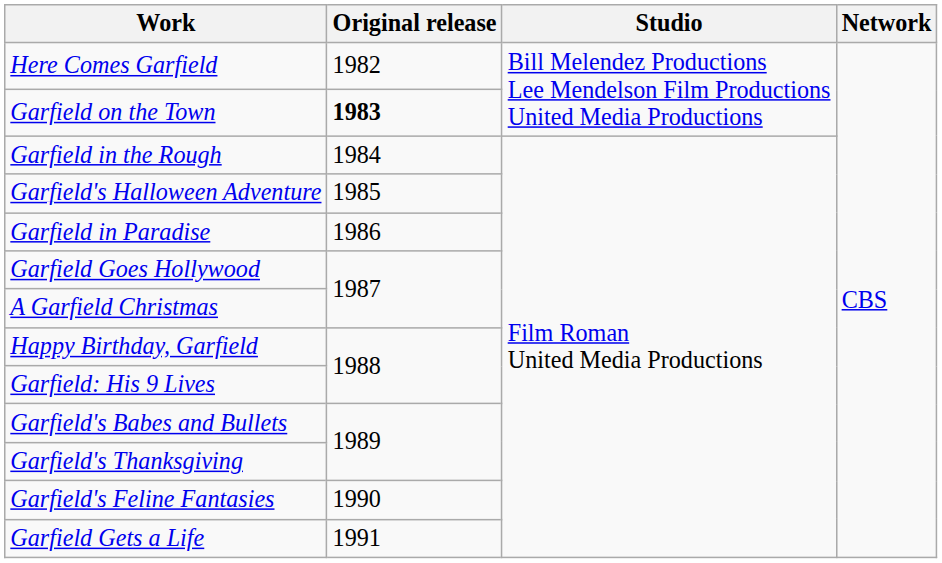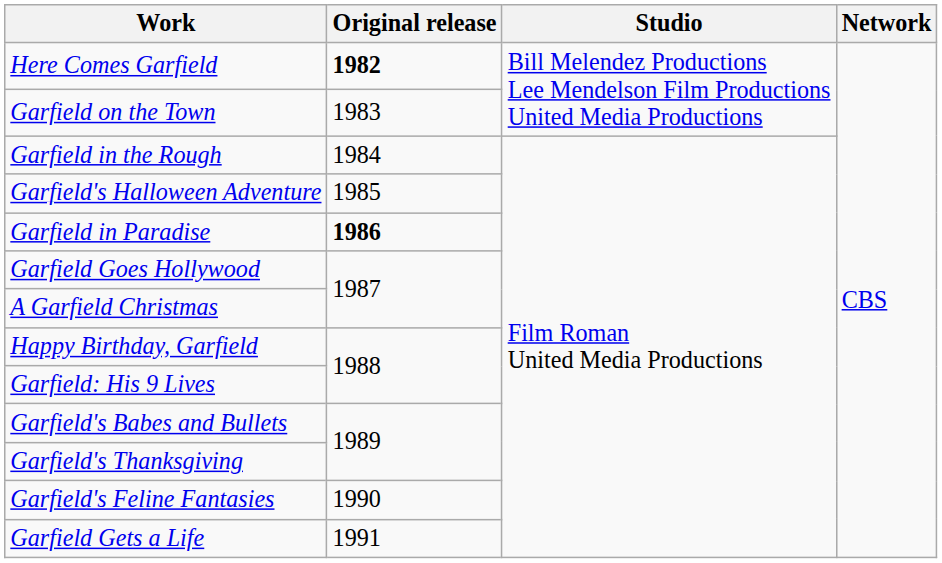 <table class="wikitable">
 <tr>
 <th>Work</th>
 <th>Original release</th>
 <th>Studio</th>
 <th>Network</th>
 </tr>
 <tr>
 <td><em><a href='#'>Here Comes Garfield</a></em></td>
-<td>1982</td>
+<td><strong>1982</strong></td>
 <td rowspan="2"><a href='#'>Bill Melendez Productions</a><br><a href='#'>Lee Mendelson Film Productions</a><br><a href='#'>United Media Productions</a></td>
 <td rowspan="13"><a href='#'>CBS</a></td>
 </tr>
 <tr>
 <td><em><a href='#'>Garfield on the Town</a></em></td>
-<td><strong>1983</strong></td>
+<td>1983</td>
 </tr>
 <tr>
 <td><em><a href='#'>Garfield in the Rough</a></em></td>
 <td>1984</td>
 <td rowspan="11"><a href='#'>Film Roman</a><br>United Media Productions</td>
 </tr>
 <tr>
 <td><em><a href='#'>Garfield's Halloween Adventure</a></em></td>
 <td>1985</td>
 </tr>
 <tr>
 <td><em><a href='#'>Garfield in Paradise</a></em></td>
-<td>1986</td>
+<td><strong>1986</strong></td>
 </tr>
 <tr>
 <td><em><a href='#'>Garfield Goes Hollywood</a></em></td>
 <td rowspan="2">1987</td>
 </tr>
 <tr>
 <td><em><a href='#'>A Garfield Christmas</a></em></td>
 </tr>
 <tr>
 <td><em><a href='#'>Happy Birthday, Garfield</a></em></td>
 <td rowspan="2">1988</td>
 </tr>
 <tr>
 <td><em><a href='#'>Garfield: His 9 Lives</a></em></td>
 </tr>
 <tr>
 <td><em><a href='#'>Garfield's Babes and Bullets</a></em></td>
 <td rowspan="2">1989</td>
 </tr>
 <tr>
 <td><em><a href='#'>Garfield's Thanksgiving</a></em></td>
 </tr>
 <tr>
 <td><em><a href='#'>Garfield's Feline Fantasies</a></em></td>
 <td>1990</td>
 </tr>
 <tr>
 <td><em><a href='#'>Garfield Gets a Life</a></em></td>
 <td>1991</td>
 </tr>
 </table>
